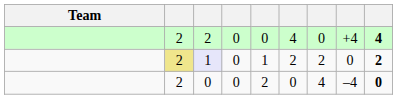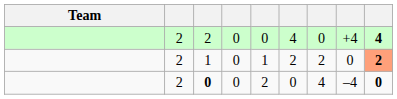 <table class="wikitable" style="text-align:center">
 <tr>
 <th width=175>Team</th>
 <th width=25></th>
 <th width=25></th>
 <th width=25></th>
 <th width=25></th>
 <th width=25></th>
 <th width=25></th>
 <th width=25></th>
 <th width=25></th>
 </tr>
 <tr align=center bgcolor=#ccffcc>
 <td style="text-align:left;"></td>
 <td>2</td>
 <td>2</td>
 <td>0</td>
 <td>0</td>
 <td>4</td>
 <td>0</td>
 <td>+4</td>
 <td><strong>4</strong></td>
 </tr>
 <tr>
 <td style="text-align:left;"></td>
-<td style="background: khaki;">2</td>
-<td style="background: lavender;">1</td>
+<td>2</td>
+<td>1</td>
 <td>0</td>
 <td>1</td>
 <td>2</td>
 <td>2</td>
 <td>0</td>
-<td><strong>2</strong></td>
+<td style="background: lightsalmon;"><strong>2</strong></td>
 </tr>
 <tr>
 <td style="text-align:left;"></td>
 <td>2</td>
-<td>0</td>
+<td><strong>0</strong></td>
 <td>0</td>
 <td>2</td>
 <td>0</td>
 <td>4</td>
 <td>–4</td>
 <td><strong>0</strong></td>
 </tr>
 </table>
